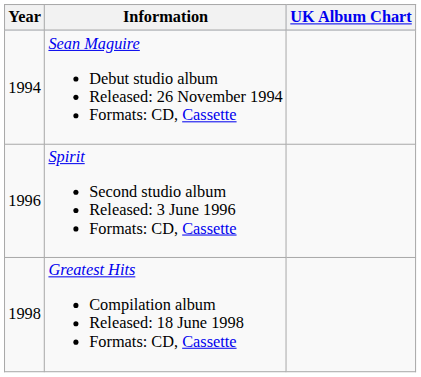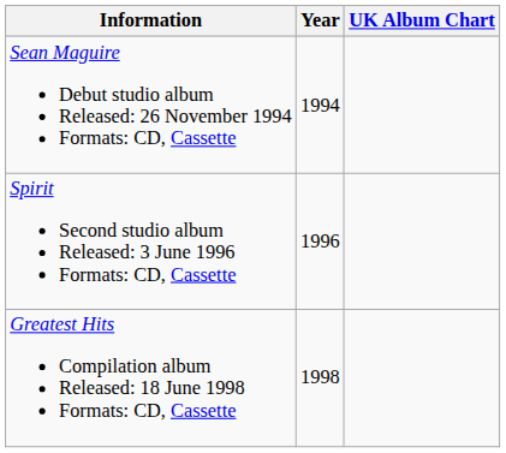 <table class="wikitable">
 <tr style="background:#b0c4de; text-align:center;">
+<th>Information</th>
 <th>Year</th>
-<th>Information</th>
 <th><a href='#'>UK Album Chart</a></th>
 </tr>
 <tr>
+<td><em><a href='#'>Sean Maguire</a></em><br><ul><li>Debut studio album</li><li>Released: 26 November 1994</li><li>Formats: CD, <a href='#'>Cassette</a></li></ul></td>
 <td>1994</td>
-<td><em><a href='#'>Sean Maguire</a></em><br><ul><li>Debut studio album</li><li>Released: 26 November 1994</li><li>Formats: CD, <a href='#'>Cassette</a></li></ul></td>
 <td></td>
 </tr>
 <tr>
+<td><em><a href='#'>Spirit</a></em><br><ul><li>Second studio album</li><li>Released: 3 June 1996</li><li>Formats: CD, <a href='#'>Cassette</a></li></ul></td>
 <td>1996</td>
-<td><em><a href='#'>Spirit</a></em><br><ul><li>Second studio album</li><li>Released: 3 June 1996</li><li>Formats: CD, <a href='#'>Cassette</a></li></ul></td>
 <td></td>
 </tr>
 <tr>
+<td><em><a href='#'>Greatest Hits</a></em><br><ul><li>Compilation album</li><li>Released: 18 June 1998</li><li>Formats: CD, <a href='#'>Cassette</a></li></ul></td>
 <td>1998</td>
-<td><em><a href='#'>Greatest Hits</a></em><br><ul><li>Compilation album</li><li>Released: 18 June 1998</li><li>Formats: CD, <a href='#'>Cassette</a></li></ul></td>
 <td></td>
 </tr>
 </table>
